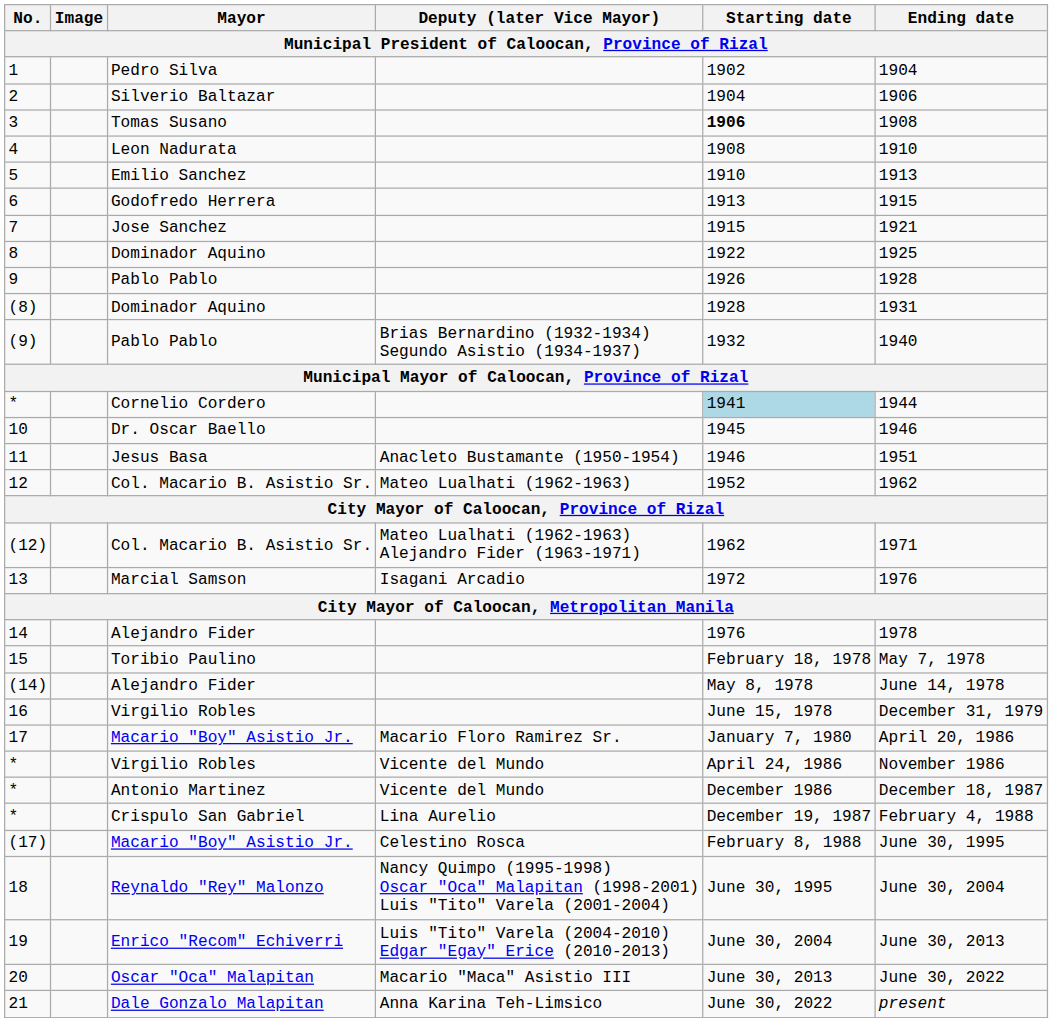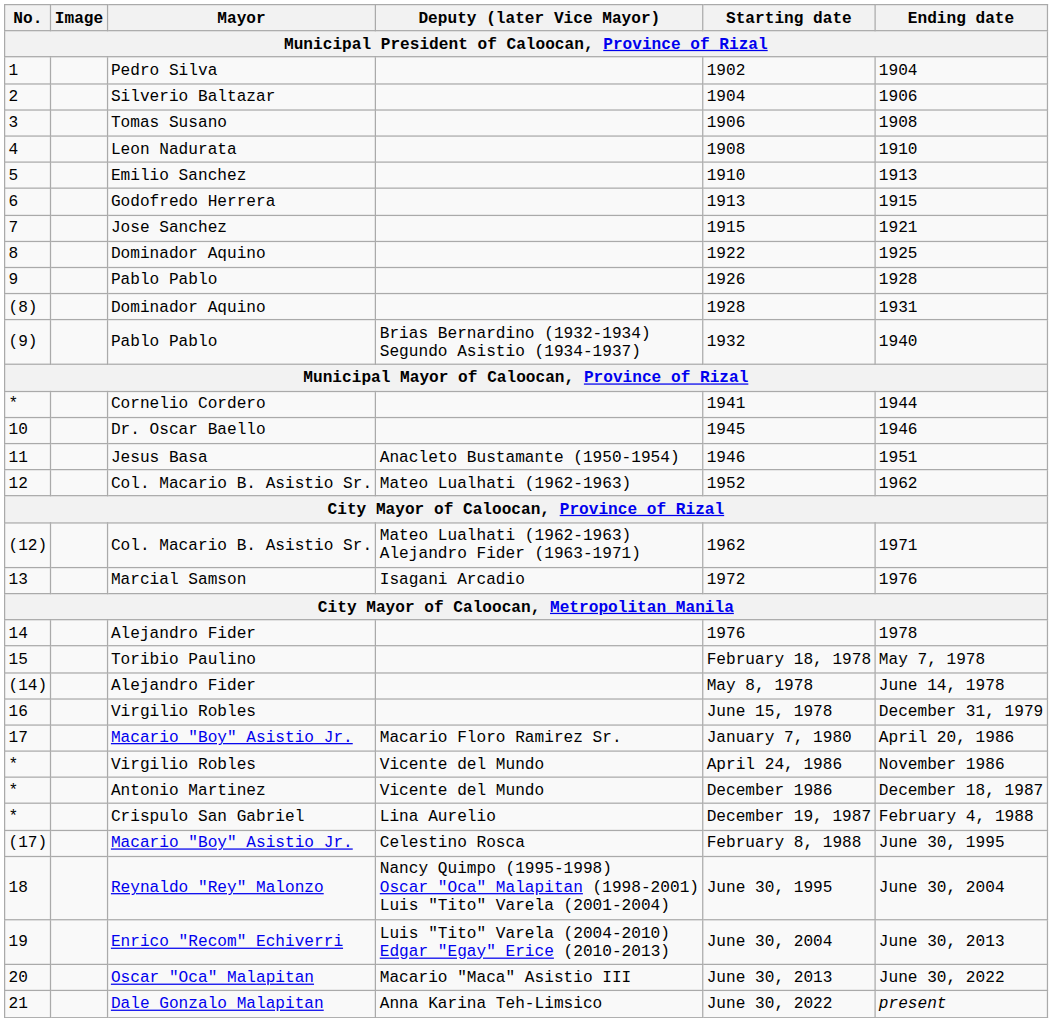 <table class=wikitable>
 <tr>
 <th>No.</th>
 <th>Image</th>
 <th>Mayor</th>
 <th>Deputy (later Vice Mayor)</th>
 <th>Starting date</th>
 <th>Ending date</th>
 </tr>
 <tr>
 <th colspan="6" align="center">Municipal President of Caloocan, <a href='#'>Province of Rizal</a></th>
 </tr>
 <tr>
 <td>1</td>
 <td></td>
 <td>Pedro Silva</td>
 <td></td>
 <td>1902</td>
 <td>1904</td>
 </tr>
 <tr>
 <td>2</td>
 <td></td>
 <td>Silverio Baltazar</td>
 <td></td>
 <td>1904</td>
 <td>1906</td>
 </tr>
 <tr>
 <td>3</td>
 <td></td>
 <td>Tomas Susano</td>
 <td></td>
-<td><strong>1906</strong></td>
+<td>1906</td>
 <td>1908</td>
 </tr>
 <tr>
 <td>4</td>
 <td></td>
 <td>Leon Nadurata</td>
 <td></td>
 <td>1908</td>
 <td>1910</td>
 </tr>
 <tr>
 <td>5</td>
 <td></td>
 <td>Emilio Sanchez</td>
 <td></td>
 <td>1910</td>
 <td>1913</td>
 </tr>
 <tr>
 <td>6</td>
 <td></td>
 <td>Godofredo Herrera</td>
 <td></td>
 <td>1913</td>
 <td>1915</td>
 </tr>
 <tr>
 <td>7</td>
 <td></td>
 <td>Jose Sanchez</td>
 <td></td>
 <td>1915</td>
 <td>1921</td>
 </tr>
 <tr>
 <td>8</td>
 <td></td>
 <td>Dominador Aquino</td>
 <td></td>
 <td>1922</td>
 <td>1925</td>
 </tr>
 <tr>
 <td>9</td>
 <td></td>
 <td>Pablo Pablo</td>
 <td></td>
 <td>1926</td>
 <td>1928</td>
 </tr>
 <tr>
 <td>(8)</td>
 <td></td>
 <td>Dominador Aquino</td>
 <td></td>
 <td>1928</td>
 <td>1931</td>
 </tr>
 <tr>
 <td>(9)</td>
 <td></td>
 <td>Pablo Pablo</td>
 <td>Brias Bernardino (1932-1934)<br> Segundo Asistio (1934-1937)</td>
 <td>1932</td>
 <td>1940</td>
 </tr>
 <tr>
 <th colspan="6" align="center">Municipal Mayor of Caloocan, <a href='#'>Province of Rizal</a></th>
 </tr>
 <tr>
 <td>*</td>
 <td></td>
 <td>Cornelio Cordero</td>
 <td></td>
-<td style="background: lightblue;">1941</td>
+<td>1941</td>
 <td>1944</td>
 </tr>
 <tr>
 <td>10</td>
 <td></td>
 <td>Dr. Oscar Baello</td>
 <td></td>
 <td>1945</td>
 <td>1946</td>
 </tr>
 <tr>
 <td>11</td>
 <td></td>
 <td>Jesus Basa</td>
 <td>Anacleto Bustamante (1950-1954)</td>
 <td>1946</td>
 <td>1951</td>
 </tr>
 <tr>
 <td>12</td>
 <td></td>
 <td>Col. Macario B. Asistio Sr.</td>
 <td>Mateo Lualhati (1962-1963)</td>
 <td>1952</td>
 <td>1962</td>
 </tr>
 <tr>
 <th colspan="6" align="center">City Mayor of Caloocan, <a href='#'>Province of Rizal</a></th>
 </tr>
 <tr>
 <td>(12)</td>
 <td></td>
 <td>Col. Macario B. Asistio Sr.</td>
 <td>Mateo Lualhati (1962-1963)<br>Alejandro Fider (1963-1971)</td>
 <td>1962</td>
 <td>1971</td>
 </tr>
 <tr>
 <td>13</td>
 <td></td>
 <td>Marcial Samson</td>
 <td>Isagani Arcadio</td>
 <td>1972</td>
 <td>1976</td>
 </tr>
 <tr>
 <th colspan="6" align="center">City Mayor of Caloocan, <a href='#'>Metropolitan Manila</a></th>
 </tr>
 <tr>
 <td>14</td>
 <td></td>
 <td>Alejandro Fider</td>
 <td></td>
 <td>1976</td>
 <td>1978</td>
 </tr>
 <tr>
 <td>15</td>
 <td></td>
 <td>Toribio Paulino</td>
 <td></td>
 <td>February 18, 1978</td>
 <td>May 7, 1978</td>
 </tr>
 <tr>
 <td>(14)</td>
 <td></td>
 <td>Alejandro Fider</td>
 <td></td>
 <td>May 8, 1978</td>
 <td>June 14, 1978</td>
 </tr>
 <tr>
 <td>16</td>
 <td></td>
 <td>Virgilio Robles</td>
 <td></td>
 <td>June 15, 1978</td>
 <td>December 31, 1979</td>
 </tr>
 <tr>
 <td>17</td>
 <td></td>
 <td><a href='#'>Macario "Boy" Asistio Jr.</a></td>
 <td>Macario Floro Ramirez Sr.</td>
 <td>January 7, 1980</td>
 <td>April 20, 1986</td>
 </tr>
 <tr>
 <td>*</td>
 <td></td>
 <td>Virgilio Robles</td>
 <td>Vicente del Mundo</td>
 <td>April 24, 1986</td>
 <td>November 1986</td>
 </tr>
 <tr>
 <td>*</td>
 <td></td>
 <td>Antonio Martinez</td>
 <td>Vicente del Mundo</td>
 <td>December 1986</td>
 <td>December 18, 1987</td>
 </tr>
 <tr>
 <td>*</td>
 <td></td>
 <td>Crispulo San Gabriel</td>
 <td>Lina Aurelio</td>
 <td>December 19, 1987</td>
 <td>February 4, 1988</td>
 </tr>
 <tr>
 <td>(17)</td>
 <td></td>
 <td><a href='#'>Macario "Boy" Asistio Jr.</a></td>
 <td>Celestino Rosca</td>
 <td>February 8, 1988</td>
 <td>June 30, 1995</td>
 </tr>
 <tr>
 <td>18</td>
 <td></td>
 <td><a href='#'>Reynaldo "Rey" Malonzo</a></td>
 <td>Nancy Quimpo (1995-1998)<br><a href='#'>Oscar "Oca" Malapitan</a> (1998-2001)<br>Luis "Tito" Varela (2001-2004)</td>
 <td>June 30, 1995</td>
 <td>June 30, 2004</td>
 </tr>
 <tr>
 <td>19</td>
 <td></td>
 <td><a href='#'>Enrico "Recom" Echiverri</a></td>
 <td>Luis "Tito" Varela (2004-2010)<br><a href='#'>Edgar "Egay" Erice</a> (2010-2013)</td>
 <td>June 30, 2004</td>
 <td>June 30, 2013</td>
 </tr>
 <tr>
 <td>20</td>
 <td></td>
 <td><a href='#'>Oscar "Oca" Malapitan</a></td>
 <td>Macario "Maca" Asistio III</td>
 <td>June 30, 2013</td>
 <td>June 30, 2022</td>
 </tr>
 <tr>
 <td>21</td>
 <td></td>
 <td><a href='#'>Dale Gonzalo Malapitan</a></td>
 <td>Anna Karina Teh-Limsico</td>
 <td>June 30, 2022</td>
 <td><em>present</em></td>
 </tr>
 </table>
